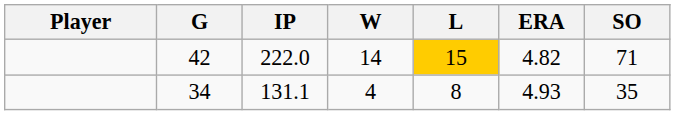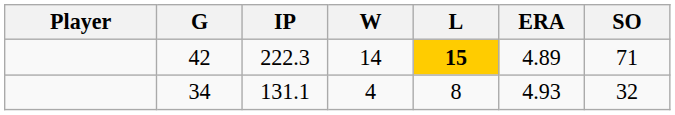 <table class="wikitable sortable">
 <tr>
 <th bgcolor="#DDDDFF" width="16%">Player</th>
 <th bgcolor="#DDDDFF" width="9%">G</th>
 <th bgcolor="#DDDDFF" width="9%">IP</th>
 <th bgcolor="#DDDDFF" width="9%">W</th>
 <th bgcolor="#DDDDFF" width="9%">L</th>
 <th bgcolor="#DDDDFF" width="9%">ERA</th>
 <th bgcolor="#DDDDFF" width="9%">SO</th>
 </tr>
 <tr align="center">
 <td></td>
 <td>42</td>
-<td>222.0</td>
+<td>222.3</td>
 <td>14</td>
-<td style="background:#fc0;">15</td>
-<td>4.82</td>
+<td style="background:#fc0;"><strong>15</strong></td>
+<td>4.89</td>
 <td>71</td>
 </tr>
 <tr align="center">
 <td></td>
 <td>34</td>
 <td>131.1</td>
 <td>4</td>
 <td>8</td>
 <td>4.93</td>
-<td>35</td>
+<td>32</td>
 </tr>
 </table>
